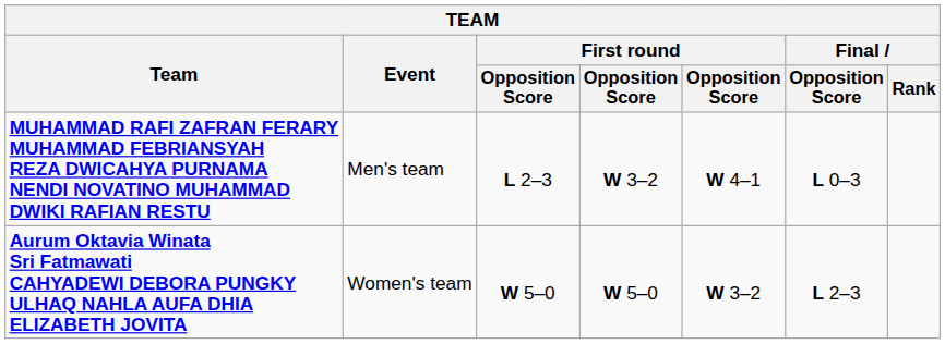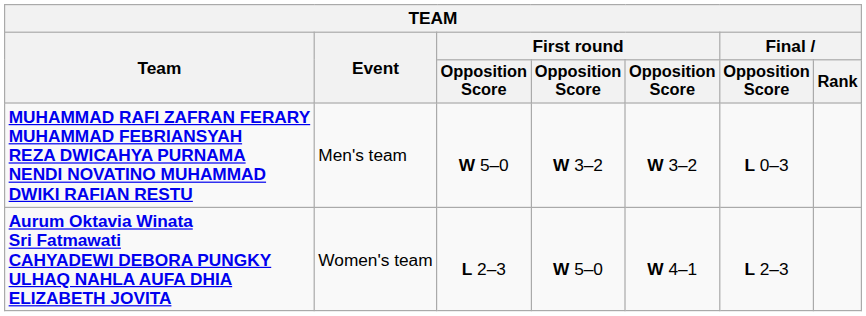 <table class=wikitable style=font-size:90%;text-align:center>
 <tr>
 <th colspan="7">TEAM</th>
 </tr>
 <tr>
 <th rowspan=2>Team</th>
 <th rowspan=2>Event</th>
 <th colspan=3>First round</th>
 <th colspan=2>Final / </th>
 </tr>
 <tr style=font-size:95%>
 <th>Opposition<br>Score</th>
 <th>Opposition<br>Score</th>
 <th>Opposition<br>Score</th>
 <th>Opposition<br>Score</th>
 <th>Rank</th>
 </tr>
 <tr>
 <td align=left><strong><a href='#'>MUHAMMAD RAFI ZAFRAN FERARY</a><br><a href='#'>MUHAMMAD FEBRIANSYAH</a><br><a href='#'>REZA DWICAHYA PURNAMA</a><br><a href='#'>NENDI NOVATINO MUHAMMAD</a><br><a href='#'>DWIKI RAFIAN RESTU</a></strong></td>
 <td align=left>Men's team</td>
-<td><br><strong>L</strong> 2–3</td>
+<td><br><strong>W</strong> 5–0</td>
 <td><br><strong>W</strong> 3–2</td>
-<td><br><strong>W</strong> 4–1</td>
+<td><br><strong>W</strong> 3–2</td>
 <td><br><strong>L</strong> 0–3</td>
 <td></td>
 </tr>
 <tr>
 <td align=left><strong><a href='#'>Aurum Oktavia Winata</a><br><a href='#'>Sri Fatmawati</a><br><a href='#'>CAHYADEWI DEBORA PUNGKY</a><br><a href='#'>ULHAQ NAHLA AUFA DHIA</a><br><a href='#'>ELIZABETH JOVITA</a></strong></td>
 <td align=left>Women's team</td>
+<td><br><strong>L</strong> 2–3</td>
 <td><br><strong>W</strong> 5–0</td>
-<td><br><strong>W</strong> 5–0</td>
-<td><br><strong>W</strong> 3–2</td>
+<td><br><strong>W</strong> 4–1</td>
 <td><br><strong>L</strong> 2–3</td>
 <td></td>
 </tr>
 </table>
